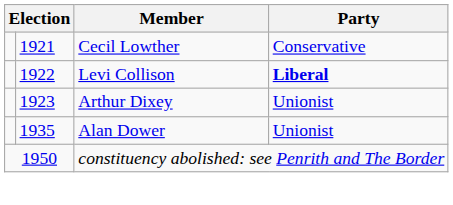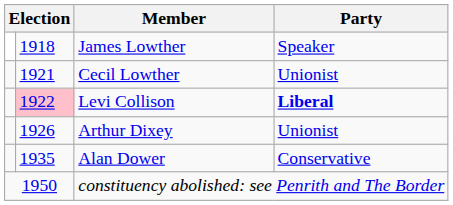 <table class="wikitable">
 <tr>
 <th colspan="2">Election</th>
 <th>Member</th>
 <th>Party</th>
 </tr>
 <tr>
+<td style="color:inherit;background-color: white"></td>
+<td><a href='#'>1918</a></td>
+<td><a href='#'>James Lowther</a></td>
+<td><a href='#'>Speaker</a></td>
+</tr>
+<tr>
 <td style="color:inherit;background-color: "></td>
 <td><a href='#'>1921</a></td>
 <td><a href='#'>Cecil Lowther</a></td>
-<td><a href='#'>Conservative</a></td>
+<td><a href='#'>Unionist</a></td>
 </tr>
 <tr>
 <td style="color:inherit;background-color: "></td>
-<td><a href='#'>1922</a></td>
+<td style="background: pink;"><a href='#'>1922</a></td>
 <td><a href='#'>Levi Collison</a></td>
 <td><strong><a href='#'>Liberal</a></strong></td>
 </tr>
 <tr>
 <td style="color:inherit;background-color: "></td>
-<td><a href='#'>1923</a></td>
+<td><a href='#'>1926</a></td>
 <td><a href='#'>Arthur Dixey</a></td>
 <td><a href='#'>Unionist</a></td>
 </tr>
 <tr>
 <td style="color:inherit;background-color: "></td>
 <td><a href='#'>1935</a></td>
 <td><a href='#'>Alan Dower</a></td>
-<td><a href='#'>Unionist</a></td>
+<td><a href='#'>Conservative</a></td>
 </tr>
 <tr>
 <td colspan="2" align="center"><a href='#'>1950</a></td>
 <td colspan="2"><em>constituency abolished: see <a href='#'>Penrith and The Border</a></em></td>
 </tr>
 </table>
